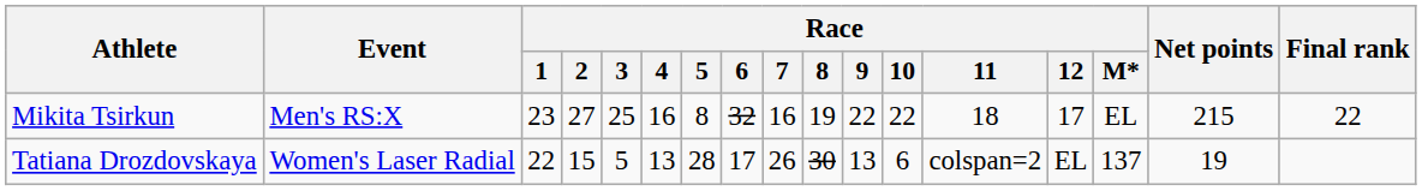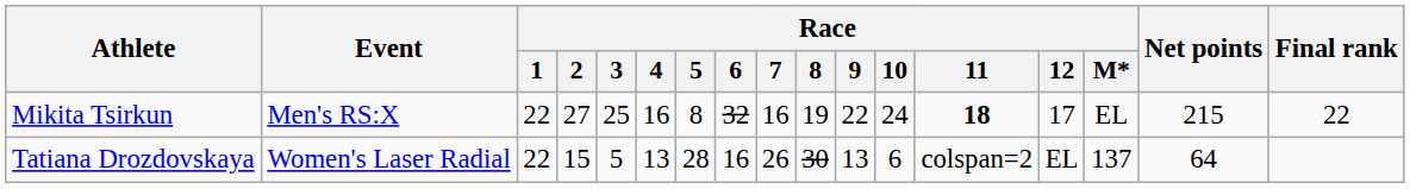 <table class="wikitable" style="font-size:90%">
 <tr>
 <th rowspan="2">Athlete</th>
 <th rowspan="2">Event</th>
 <th colspan=13>Race</th>
 <th rowspan=2>Net points</th>
 <th rowspan=2>Final rank</th>
 </tr>
 <tr style="font-size:95%">
 <th>1</th>
 <th>2</th>
 <th>3</th>
 <th>4</th>
 <th>5</th>
 <th>6</th>
 <th>7</th>
 <th>8</th>
 <th>9</th>
 <th>10</th>
 <th>11</th>
 <th>12</th>
 <th>M*</th>
 </tr>
 <tr align=center>
 <td align=left><a href='#'>Mikita Tsirkun</a></td>
 <td align=left><a href='#'>Men's RS:X</a></td>
-<td>23</td>
+<td>22</td>
 <td>27</td>
 <td>25</td>
 <td>16</td>
 <td>8</td>
 <td><s>32</s></td>
 <td>16</td>
 <td>19</td>
 <td>22</td>
-<td>22</td>
-<td>18</td>
+<td>24</td>
+<td><strong>18</strong></td>
 <td>17</td>
 <td>EL</td>
 <td>215</td>
 <td>22</td>
 </tr>
 <tr align=center>
 <td align=left><a href='#'>Tatiana Drozdovskaya</a></td>
 <td align=left><a href='#'>Women's Laser Radial</a></td>
 <td>22</td>
 <td>15</td>
 <td>5</td>
 <td>13</td>
 <td>28</td>
-<td>17</td>
+<td>16</td>
 <td>26</td>
 <td><s>30</s></td>
 <td>13</td>
 <td>6</td>
 <td>colspan=2 </td>
 <td>EL</td>
 <td>137</td>
-<td>19</td>
+<td>64</td>
 </tr>
 </table>
